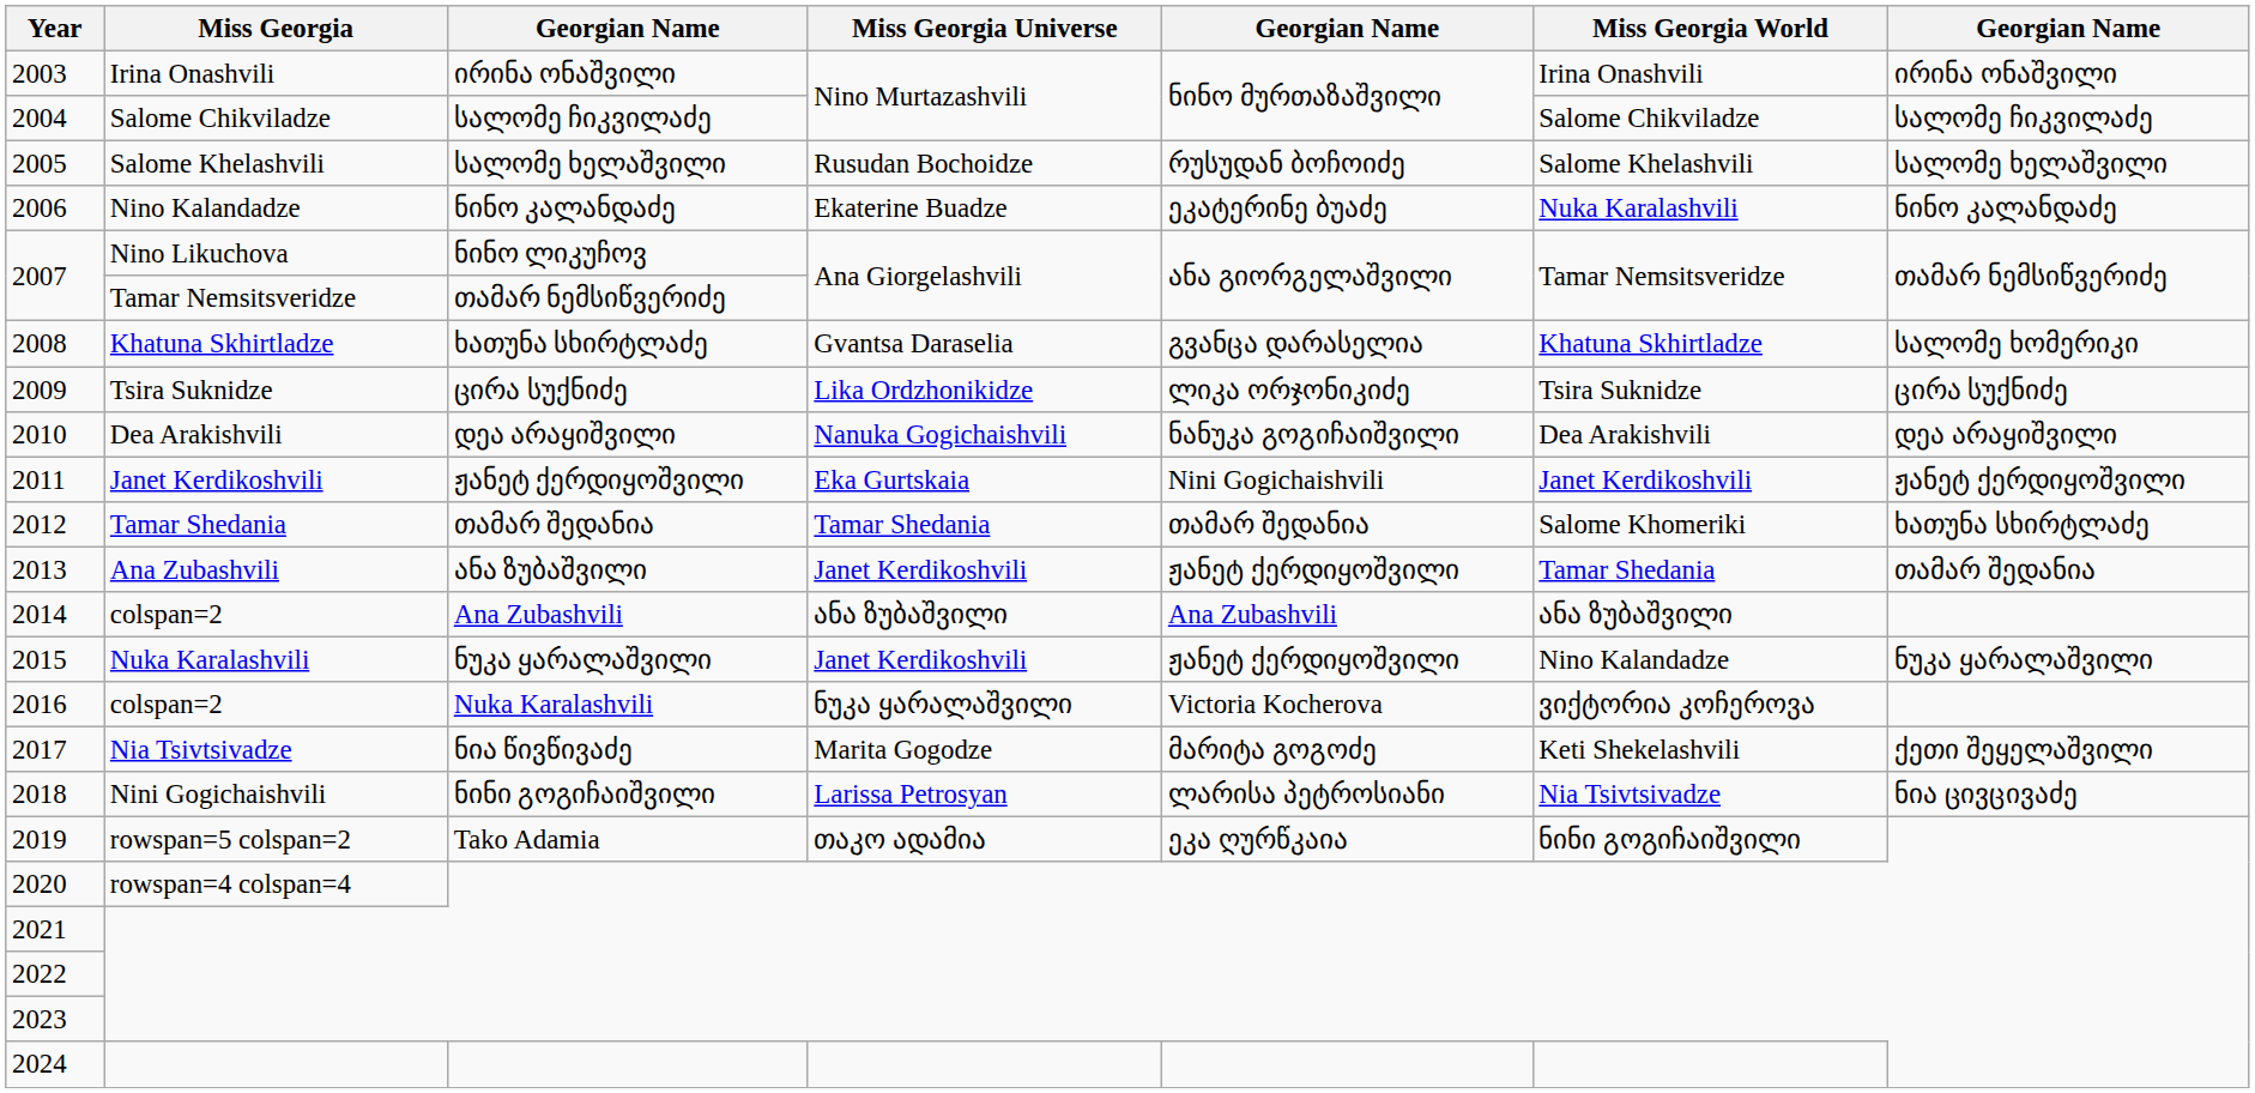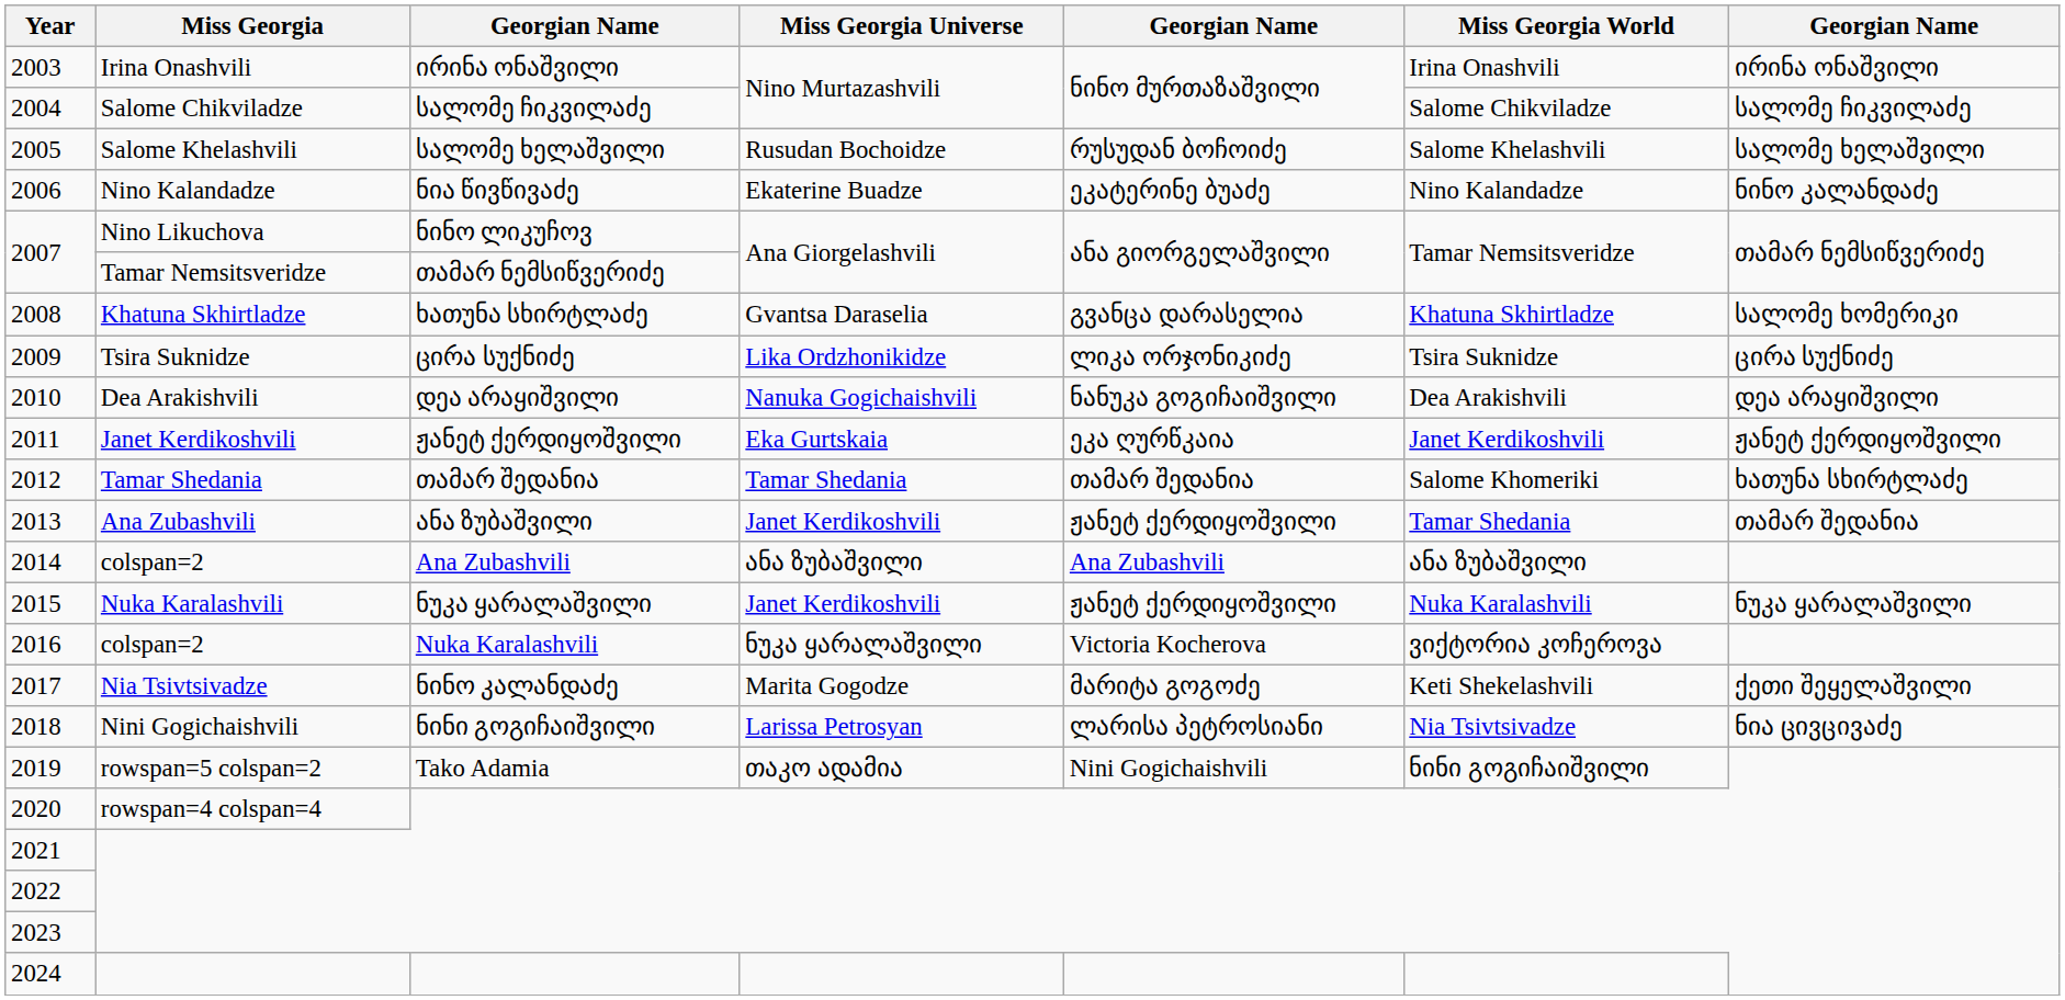 <table class="wikitable " style="font-size: 95%;">
 <tr>
 <th width="60">Year</th>
 <th width="250">Miss Georgia</th>
 <th width="250">Georgian Name</th>
 <th width="250">Miss Georgia Universe</th>
 <th width="250">Georgian Name</th>
 <th width="250">Miss Georgia World</th>
 <th width="250">Georgian Name</th>
 </tr>
 <tr>
 <td>2003</td>
 <td>Irina Onashvili</td>
 <td>ირინა  ონაშვილი</td>
 <td rowspan=2>Nino Murtazashvili</td>
 <td rowspan=2>ნინო მურთაზაშვილი</td>
 <td>Irina Onashvili</td>
 <td>ირინა  ონაშვილი</td>
 </tr>
 <tr>
 <td>2004</td>
 <td>Salome Chikviladze</td>
 <td>სალომე  ჩიკვილაძე</td>
 <td>Salome Chikviladze</td>
 <td>სალომე  ჩიკვილაძე</td>
 </tr>
 <tr>
 <td>2005</td>
 <td>Salome Khelashvili</td>
 <td>სალომე  ხელაშვილი</td>
 <td>Rusudan Bochoidze</td>
 <td>რუსუდან ბოჩოიძე</td>
 <td>Salome Khelashvili</td>
 <td>სალომე  ხელაშვილი</td>
 </tr>
 <tr>
 <td>2006</td>
 <td>Nino Kalandadze</td>
-<td>ნინო  კალანდაძე</td>
+<td>ნია წივწივაძე</td>
 <td>Ekaterine Buadze</td>
 <td>ეკატერინე ბუაძე</td>
-<td><a href='#'>Nuka Karalashvili</a></td>
+<td>Nino Kalandadze</td>
 <td>ნინო  კალანდაძე</td>
 </tr>
 <tr>
 <td rowspan=2>2007</td>
 <td>Nino Likuchova</td>
 <td>ნინო ლიკუჩოვ</td>
 <td rowspan=2>Ana Giorgelashvili</td>
 <td rowspan=2>ანა გიორგელაშვილი</td>
 <td rowspan=2>Tamar Nemsitsveridze</td>
 <td rowspan=2>თამარ ნემსიწვერიძე</td>
 </tr>
 <tr>
 <td>Tamar Nemsitsveridze</td>
 <td>თამარ ნემსიწვერიძე</td>
 </tr>
 <tr>
 <td>2008</td>
 <td><a href='#'>Khatuna Skhirtladze</a></td>
 <td>ხათუნა სხირტლაძე</td>
 <td>Gvantsa Daraselia</td>
 <td>გვანცა დარასელია</td>
 <td><a href='#'>Khatuna Skhirtladze</a></td>
 <td>სალომე ხომერიკი</td>
 </tr>
 <tr>
 <td>2009</td>
 <td>Tsira Suknidze</td>
 <td>ცირა სუქნიძე</td>
 <td><a href='#'>Lika Ordzhonikidze</a></td>
 <td>ლიკა ორჯონიკიძე</td>
 <td>Tsira Suknidze</td>
 <td>ცირა სუქნიძე</td>
 </tr>
 <tr>
 <td>2010</td>
 <td>Dea Arakishvili</td>
 <td>დეა არაყიშვილი</td>
 <td><a href='#'>Nanuka Gogichaishvili</a></td>
 <td>ნანუკა გოგიჩაიშვილი</td>
 <td>Dea Arakishvili</td>
 <td>დეა არაყიშვილი</td>
 </tr>
 <tr>
 <td>2011</td>
 <td><a href='#'>Janet Kerdikoshvili</a></td>
 <td>ჟანეტ ქერდიყოშვილი</td>
 <td><a href='#'>Eka Gurtskaia</a></td>
-<td>Nini Gogichaishvili</td>
+<td>ეკა ღურწკაია</td>
 <td><a href='#'>Janet Kerdikoshvili</a></td>
 <td>ჟანეტ ქერდიყოშვილი</td>
 </tr>
 <tr>
 <td>2012</td>
 <td><a href='#'>Tamar Shedania</a></td>
 <td>თამარ შედანია</td>
 <td><a href='#'>Tamar Shedania</a></td>
 <td>თამარ შედანია</td>
 <td>Salome Khomeriki</td>
 <td>ხათუნა სხირტლაძე</td>
 </tr>
 <tr>
 <td>2013</td>
 <td><a href='#'>Ana Zubashvili</a></td>
 <td>ანა ზუბაშვილი</td>
 <td><a href='#'>Janet Kerdikoshvili</a></td>
 <td>ჟანეტ ქერდიყოშვილი</td>
 <td><a href='#'>Tamar Shedania</a></td>
 <td>თამარ შედანია</td>
 </tr>
 <tr>
 <td>2014</td>
 <td>colspan=2 </td>
 <td><a href='#'>Ana Zubashvili</a></td>
 <td>ანა ზუბაშვილი</td>
 <td><a href='#'>Ana Zubashvili</a></td>
 <td>ანა ზუბაშვილი</td>
 </tr>
 <tr>
 <td>2015</td>
 <td><a href='#'>Nuka Karalashvili</a></td>
 <td>ნუკა ყარალაშვილი</td>
 <td><a href='#'>Janet Kerdikoshvili</a></td>
 <td>ჟანეტ ქერდიყოშვილი</td>
-<td>Nino Kalandadze</td>
+<td><a href='#'>Nuka Karalashvili</a></td>
 <td>ნუკა ყარალაშვილი</td>
 </tr>
 <tr>
 <td>2016</td>
 <td>colspan=2 </td>
 <td><a href='#'>Nuka Karalashvili</a></td>
 <td>ნუკა ყარალაშვილი</td>
 <td>Victoria Kocherova</td>
 <td>ვიქტორია კოჩეროვა</td>
 </tr>
 <tr>
 <td>2017</td>
 <td><a href='#'>Nia Tsivtsivadze</a></td>
-<td>ნია წივწივაძე</td>
+<td>ნინო  კალანდაძე</td>
 <td>Marita Gogodze</td>
 <td>მარიტა გოგოძე</td>
 <td>Keti Shekelashvili</td>
 <td>ქეთი შეყელაშვილი</td>
 </tr>
 <tr>
 <td>2018</td>
 <td>Nini Gogichaishvili</td>
 <td>ნინი გოგიჩაიშვილი</td>
 <td><a href='#'>Larissa Petrosyan</a></td>
 <td>ლარისა პეტროსიანი</td>
 <td><a href='#'>Nia Tsivtsivadze</a></td>
 <td>ნია ცივცივაძე</td>
 </tr>
 <tr>
 <td>2019</td>
 <td>rowspan=5 colspan=2 </td>
 <td>Tako Adamia</td>
 <td>თაკო ადამია</td>
-<td>ეკა ღურწკაია</td>
+<td>Nini Gogichaishvili</td>
 <td>ნინი გოგიჩაიშვილი</td>
 </tr>
 <tr>
 <td>2020</td>
 <td>rowspan=4 colspan=4 </td>
 </tr>
 <tr>
 <td>2021</td>
 </tr>
 <tr>
 <td>2022</td>
 </tr>
 <tr>
 <td>2023</td>
 </tr>
 <tr>
 <td>2024</td>
 <td></td>
 <td></td>
 <td></td>
 <td></td>
 <td></td>
 </tr>
 <tr>
 </tr>
 </table>
